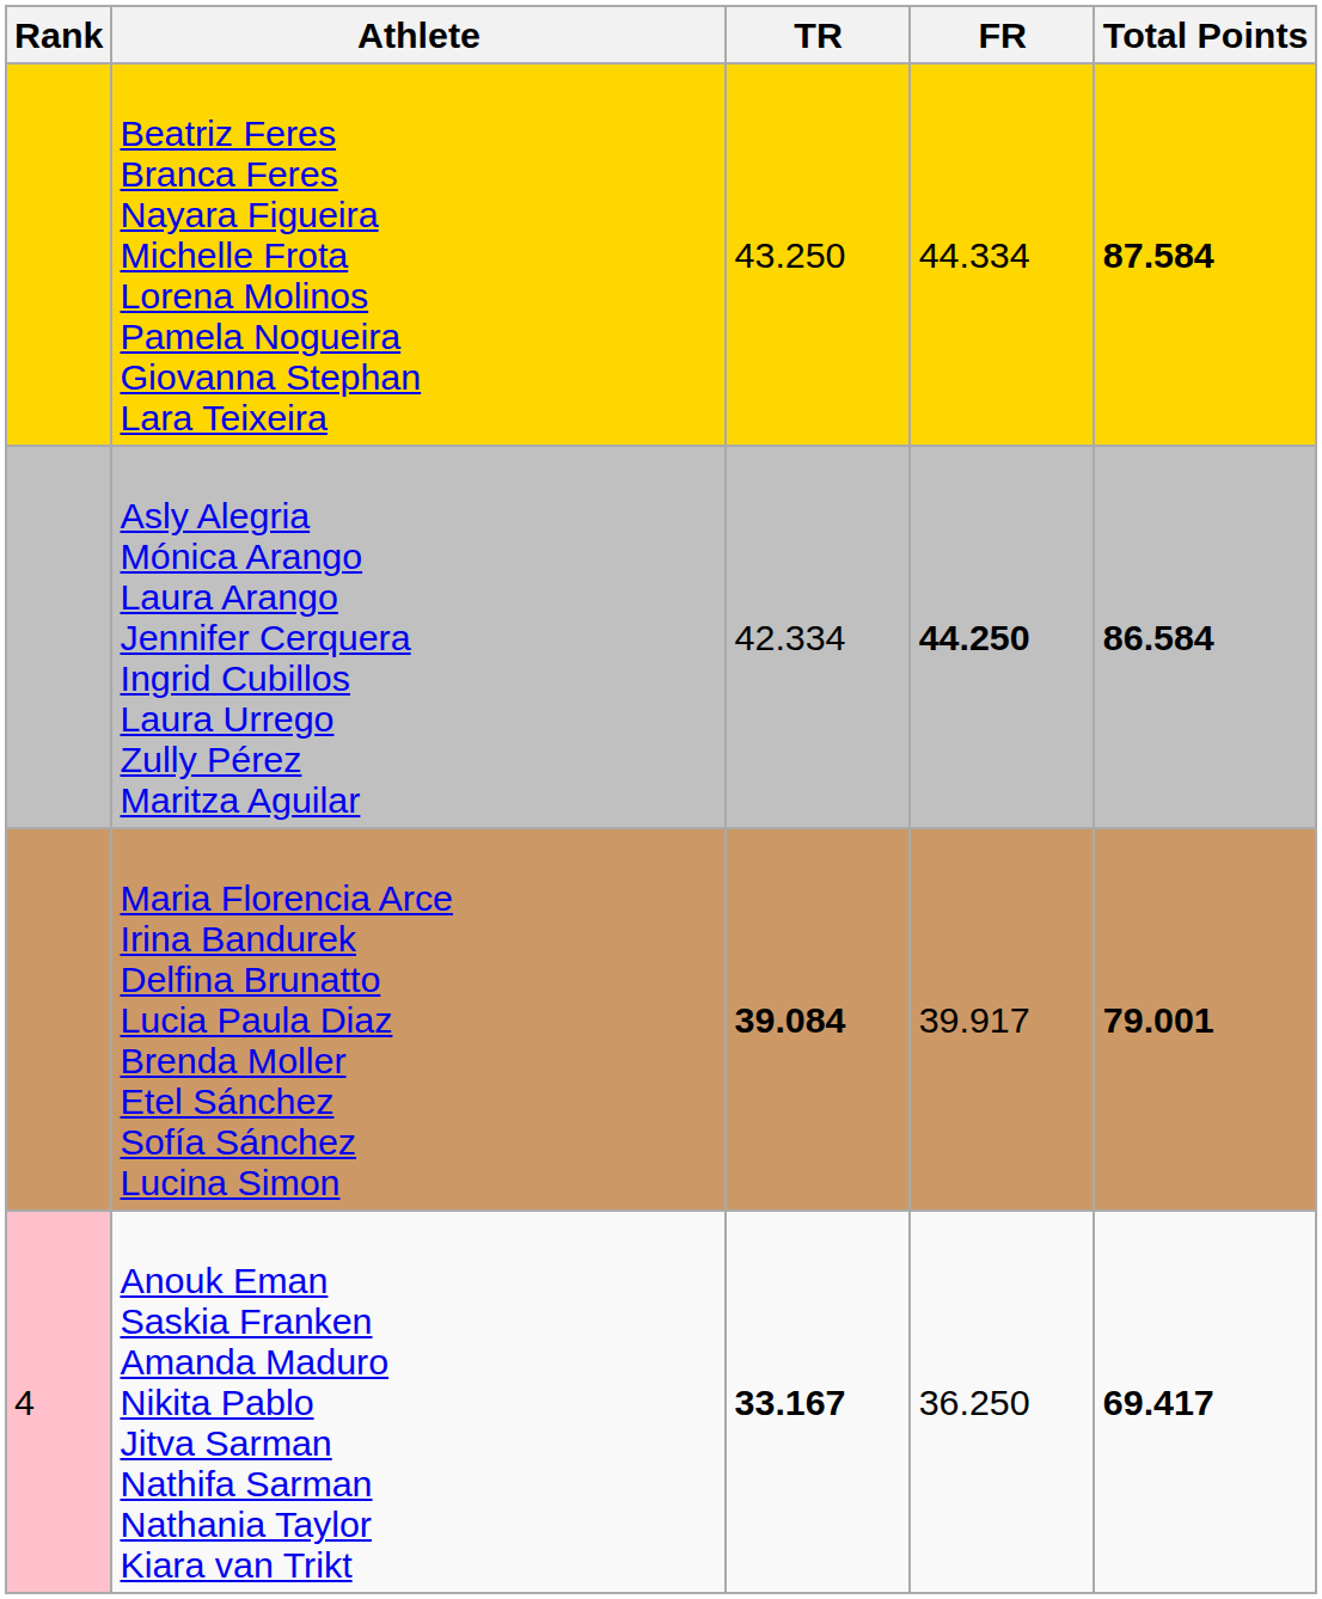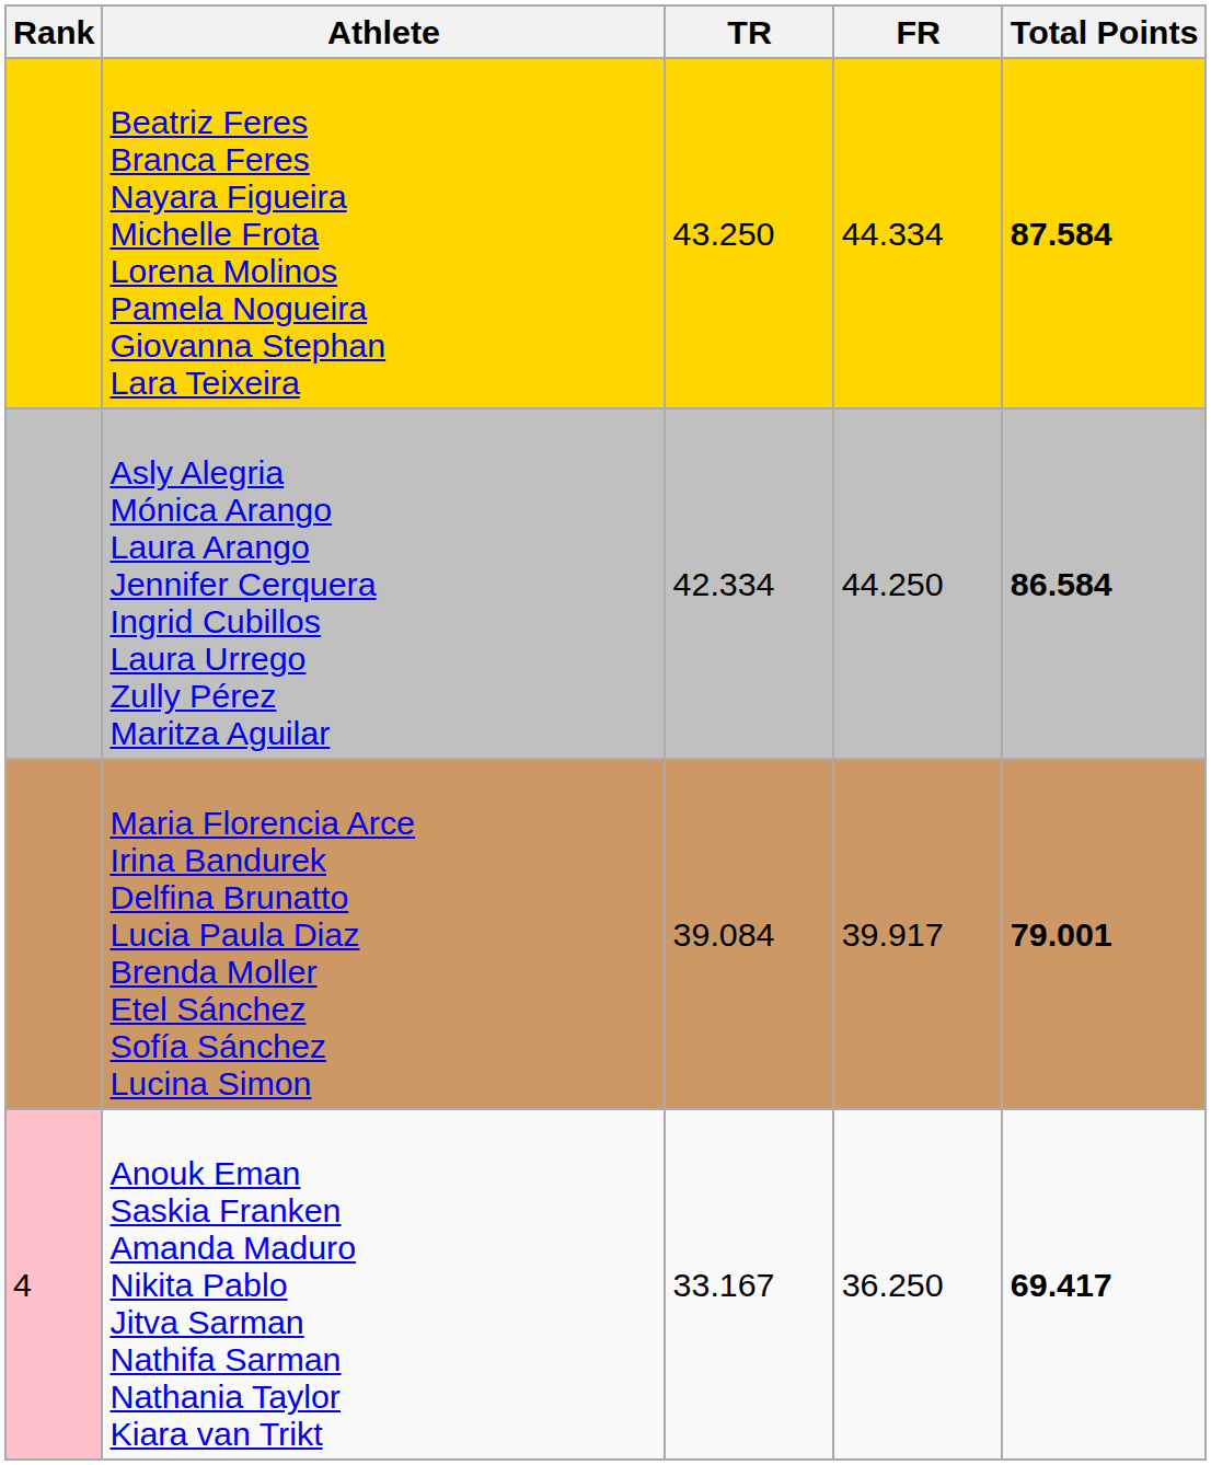 <table class="wikitable" style="font-size:95%" style="width:35em;" style="text-align:center">
 <tr>
 <th>Rank</th>
 <th width=250>Athlete</th>
 <th width=70>TR</th>
 <th width=70>FR</th>
 <th>Total Points</th>
 </tr>
 <tr>
 </tr>
 <tr bgcolor=gold>
 <td></td>
 <td align=left><br><a href='#'>Beatriz Feres</a><br><a href='#'>Branca Feres</a><br><a href='#'>Nayara Figueira</a><br><a href='#'>Michelle Frota</a><br><a href='#'>Lorena Molinos</a><br><a href='#'>Pamela Nogueira</a><br><a href='#'>Giovanna Stephan</a><br><a href='#'>Lara Teixeira</a></td>
 <td>43.250</td>
 <td>44.334</td>
 <td><strong>87.584</strong></td>
 </tr>
 <tr bgcolor=silver>
 <td></td>
 <td align=left><br><a href='#'>Asly Alegria</a><br><a href='#'>Mónica Arango</a><br><a href='#'>Laura Arango</a><br><a href='#'>Jennifer Cerquera</a><br><a href='#'>Ingrid Cubillos</a><br><a href='#'>Laura Urrego</a><br><a href='#'>Zully Pérez</a><br><a href='#'>Maritza Aguilar</a></td>
 <td>42.334</td>
-<td><strong>44.250</strong></td>
+<td>44.250</td>
 <td><strong>86.584</strong></td>
 </tr>
 <tr bgcolor=cc9966>
 <td></td>
 <td align=left><br><a href='#'>Maria Florencia Arce</a><br><a href='#'>Irina Bandurek</a><br><a href='#'>Delfina Brunatto</a><br><a href='#'>Lucia Paula Diaz</a><br><a href='#'>Brenda Moller</a><br><a href='#'>Etel Sánchez</a><br><a href='#'>Sofía Sánchez</a><br><a href='#'>Lucina Simon</a></td>
-<td><strong>39.084</strong></td>
+<td>39.084</td>
 <td>39.917</td>
 <td><strong>79.001</strong></td>
 </tr>
 <tr>
 <td style="background: pink;">4</td>
 <td align=left><br><a href='#'>Anouk Eman</a><br><a href='#'>Saskia Franken</a><br><a href='#'>Amanda Maduro</a><br><a href='#'>Nikita Pablo</a><br><a href='#'>Jitva Sarman</a><br><a href='#'>Nathifa Sarman</a><br><a href='#'>Nathania Taylor</a><br><a href='#'>Kiara van Trikt</a></td>
-<td><strong>33.167</strong></td>
+<td>33.167</td>
 <td>36.250</td>
 <td><strong>69.417</strong></td>
 </tr>
 <tr>
 </tr>
 </table>
